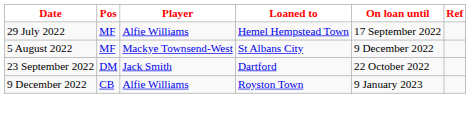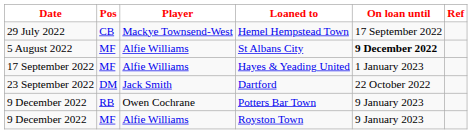 <table class="wikitable plainrowheaders sortable">
 <tr>
 <th style="background:#FFFFFF; color:#FF0000; ">Date</th>
 <th style="background:#FFFFFF; color:#FF0000; ">Pos</th>
 <th style="background:#FFFFFF; color:#FF0000; ">Player</th>
 <th style="background:#FFFFFF; color:#FF0000; ">Loaned to</th>
 <th style="background:#FFFFFF; color:#FF0000; ">On loan until</th>
 <th style="background:#FFFFFF; color:#FF0000; ">Ref</th>
 </tr>
 <tr>
 <td>29 July 2022</td>
-<td><a href='#'>MF</a></td>
-<td> <a href='#'>Alfie Williams</a></td>
+<td><a href='#'>CB</a></td>
+<td> <a href='#'>Mackye Townsend-West</a></td>
 <td> <a href='#'>Hemel Hempstead Town</a></td>
 <td>17 September 2022</td>
 <td></td>
 </tr>
 <tr>
 <td>5 August 2022</td>
 <td><a href='#'>MF</a></td>
-<td> <a href='#'>Mackye Townsend-West</a></td>
+<td> <a href='#'>Alfie Williams</a></td>
 <td> <a href='#'>St Albans City</a></td>
-<td>9 December 2022</td>
+<td><strong>9 December 2022</strong></td>
+<td></td>
+</tr>
+<tr>
+<td>17 September 2022</td>
+<td><a href='#'>MF</a></td>
+<td> <a href='#'>Alfie Williams</a></td>
+<td> <a href='#'>Hayes & Yeading United</a></td>
+<td>1 January 2023</td>
 <td></td>
 </tr>
 <tr>
 <td>23 September 2022</td>
 <td><a href='#'>DM</a></td>
 <td> <a href='#'>Jack Smith</a></td>
 <td> <a href='#'>Dartford</a></td>
 <td>22 October 2022</td>
 <td></td>
 </tr>
 <tr>
 <td>9 December 2022</td>
-<td><a href='#'>CB</a></td>
+<td><a href='#'>RB</a></td>
+<td> Owen Cochrane</td>
+<td> <a href='#'>Potters Bar Town</a></td>
+<td>9 January 2023</td>
+<td></td>
+</tr>
+<tr>
+<td>9 December 2022</td>
+<td><a href='#'>MF</a></td>
 <td> <a href='#'>Alfie Williams</a></td>
 <td> <a href='#'>Royston Town</a></td>
 <td>9 January 2023</td>
 <td></td>
 </tr>
 </table>
